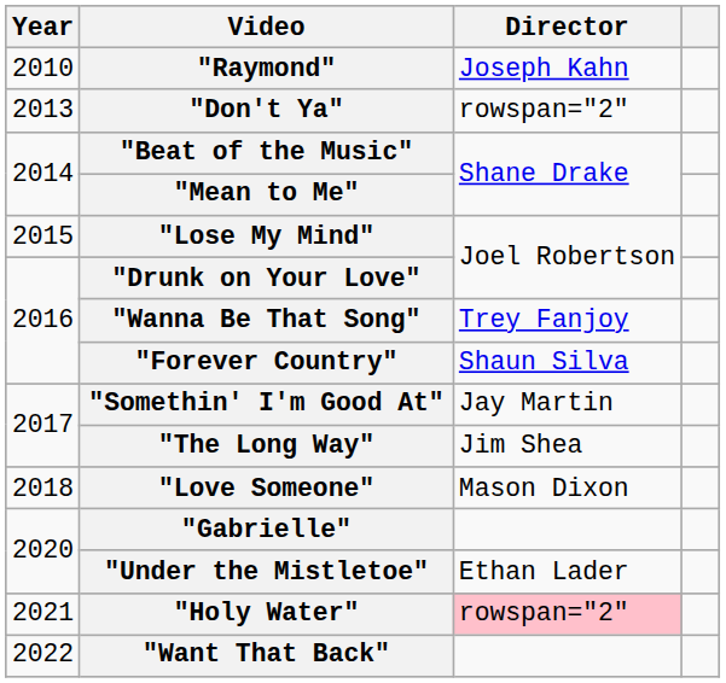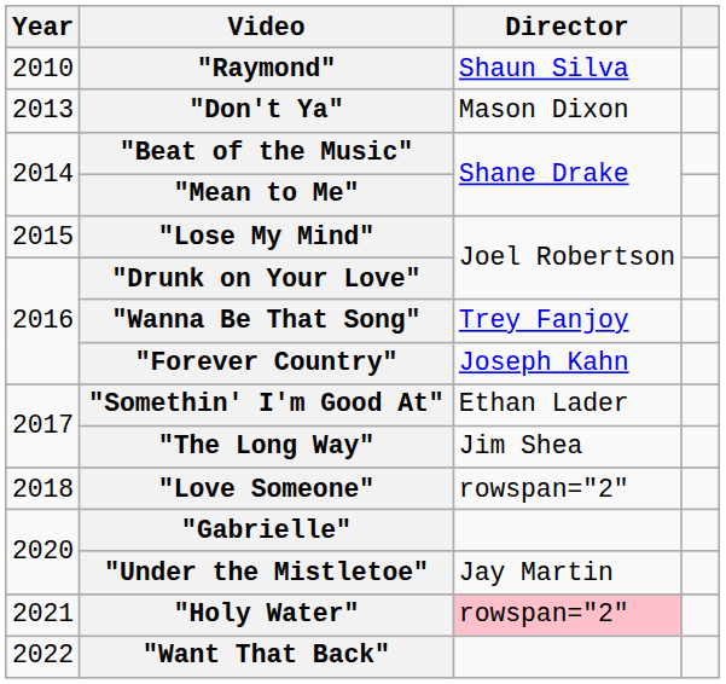 <table class="wikitable plainrowheaders">
 <tr>
 <th>Year</th>
 <th style="width:14em;">Video</th>
 <th>Director</th>
 <th style="width:1em;"></th>
 </tr>
 <tr>
 <td>2010</td>
 <th scope="row">"Raymond"</th>
-<td><a href='#'>Joseph Kahn</a></td>
+<td><a href='#'>Shaun Silva</a></td>
 <td></td>
 </tr>
 <tr>
 <td>2013</td>
 <th scope="row">"Don't Ya"</th>
-<td>rowspan="2" </td>
+<td>Mason Dixon</td>
 <td></td>
 </tr>
 <tr>
 <td rowspan="2">2014</td>
 <th scope="row">"Beat of the Music"</th>
 <td rowspan="2"><a href='#'>Shane Drake</a></td>
 <td></td>
 </tr>
 <tr>
 <th scope="row">"Mean to Me"</th>
 <td></td>
 </tr>
 <tr>
 <td>2015</td>
 <th scope="row">"Lose My Mind"</th>
 <td rowspan="2">Joel Robertson</td>
 <td></td>
 </tr>
 <tr>
 <td rowspan="3">2016</td>
 <th scope="row">"Drunk on Your Love"</th>
 <td></td>
 </tr>
 <tr>
 <th scope="row">"Wanna Be That Song"</th>
 <td><a href='#'>Trey Fanjoy</a></td>
 <td></td>
 </tr>
 <tr>
 <th scope="row">"Forever Country" </th>
-<td><a href='#'>Shaun Silva</a></td>
+<td><a href='#'>Joseph Kahn</a></td>
 <td></td>
 </tr>
 <tr>
 <td rowspan="2">2017</td>
 <th scope="row">"Somethin' I'm Good At"</th>
-<td>Jay Martin</td>
+<td>Ethan Lader</td>
 <td></td>
 </tr>
 <tr>
 <th scope="row">"The Long Way"</th>
 <td>Jim Shea</td>
 <td></td>
 </tr>
 <tr>
 <td>2018</td>
 <th scope="row">"Love Someone"</th>
-<td>Mason Dixon</td>
+<td>rowspan="2" </td>
 <td></td>
 </tr>
 <tr>
 <td rowspan="2">2020</td>
 <th scope="row">"Gabrielle"</th>
 <td></td>
 </tr>
 <tr>
 <th scope="row">"Under the Mistletoe" </th>
-<td>Ethan Lader</td>
+<td>Jay Martin</td>
 <td></td>
 </tr>
 <tr>
 <td>2021</td>
 <th scope="row">"Holy Water"</th>
 <td style="background: pink;">rowspan="2" </td>
 <td></td>
 </tr>
 <tr>
 <td>2022</td>
 <th scope="row">"Want That Back"</th>
 <td></td>
 </tr>
 </table>
